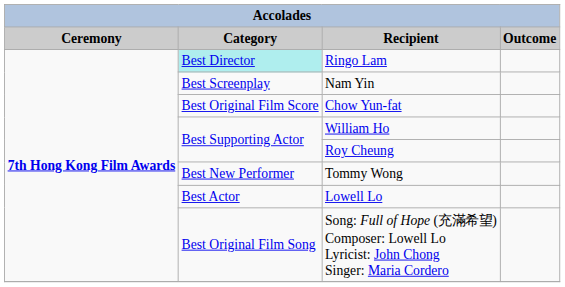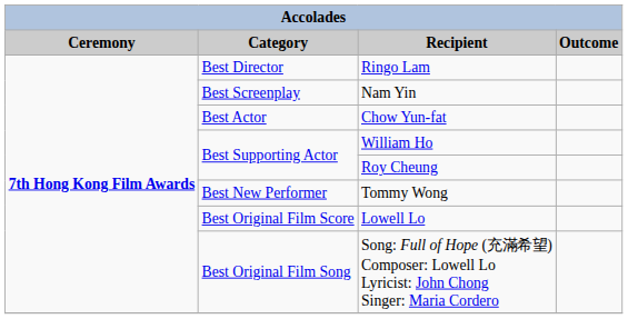 <table class="wikitable" style="font-size:95%;" ;>
 <tr style="background:#ccc; text-align:center;">
 <th colspan="4" style="background: LightSteelBlue;">Accolades</th>
 </tr>
 <tr style="background:#ccc; text-align:center;">
 <th style="background:#ccc">Ceremony</th>
 <th style="background:#ccc">Category</th>
 <th style="background:#ccc">Recipient</th>
 <th style="background:#ccc">Outcome</th>
 </tr>
 <tr>
 <td rowspan=8><strong><a href='#'>7th Hong Kong Film Awards</a></strong></td>
-<td style="background: paleturquoise;"><a href='#'>Best Director</a></td>
+<td><a href='#'>Best Director</a></td>
 <td><a href='#'>Ringo Lam</a></td>
 <td></td>
 </tr>
 <tr>
 <td><a href='#'>Best Screenplay</a></td>
 <td>Nam Yin</td>
 <td></td>
 </tr>
 <tr>
-<td><a href='#'>Best Original Film Score</a></td>
+<td><a href='#'>Best Actor</a></td>
 <td><a href='#'>Chow Yun-fat</a></td>
 <td></td>
 </tr>
 <tr>
 <td rowspan=2><a href='#'>Best Supporting Actor</a></td>
 <td><a href='#'>William Ho</a></td>
 <td></td>
 </tr>
 <tr>
 <td><a href='#'>Roy Cheung</a></td>
 <td></td>
 </tr>
 <tr>
 <td><a href='#'>Best New Performer</a></td>
 <td>Tommy Wong</td>
 <td></td>
 </tr>
 <tr>
-<td><a href='#'>Best Actor</a></td>
+<td><a href='#'>Best Original Film Score</a></td>
 <td><a href='#'>Lowell Lo</a></td>
 <td></td>
 </tr>
 <tr>
 <td><a href='#'>Best Original Film Song</a></td>
 <td>Song: <em>Full of Hope</em> (充滿希望)<br>Composer: Lowell Lo <br>Lyricist: <a href='#'>John Chong</a> <br>Singer: <a href='#'>Maria Cordero</a></td>
 <td></td>
 </tr>
 <tr>
 </tr>
 </table>
